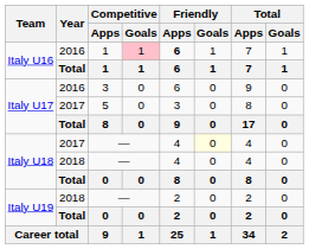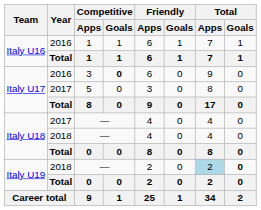 <table class="wikitable" style="text-align:center">
 <tr>
 <th rowspan=2>Team</th>
 <th rowspan=2>Year</th>
 <th colspan=2>Competitive</th>
 <th colspan=2>Friendly</th>
 <th colspan=2>Total</th>
 </tr>
 <tr>
 <th>Apps</th>
 <th>Goals</th>
 <th>Apps</th>
 <th>Goals</th>
 <th>Apps</th>
 <th>Goals</th>
 </tr>
 <tr>
 <td rowspan="2"><a href='#'>Italy U16</a></td>
 <td>2016</td>
 <td>1</td>
-<td style="background: pink;">1</td>
-<td><strong>6</strong></td>
+<td>1</td>
+<td>6</td>
 <td>1</td>
 <td>7</td>
 <td>1</td>
 </tr>
 <tr>
 <th>Total</th>
 <th>1</th>
 <th>1</th>
 <th>6</th>
 <th>1</th>
 <th>7</th>
 <th>1</th>
 </tr>
 <tr>
 <td rowspan="3"><a href='#'>Italy U17</a></td>
 <td>2016</td>
 <td>3</td>
-<td>0</td>
+<td><strong>0</strong></td>
 <td>6</td>
 <td>0</td>
 <td>9</td>
 <td>0</td>
 </tr>
 <tr>
 <td>2017</td>
 <td>5</td>
 <td>0</td>
 <td>3</td>
 <td>0</td>
 <td>8</td>
 <td>0</td>
 </tr>
 <tr>
 <th>Total</th>
 <th>8</th>
 <th>0</th>
 <th>9</th>
 <th>0</th>
 <th>17</th>
 <th>0</th>
 </tr>
 <tr>
 <td rowspan="3"><a href='#'>Italy U18</a></td>
 <td>2017</td>
 <td colspan="2">—</td>
 <td>4</td>
-<td style="background: lightyellow;">0</td>
+<td>0</td>
 <td>4</td>
 <td>0</td>
 </tr>
 <tr>
 <td>2018</td>
 <td colspan="2">—</td>
 <td>4</td>
 <td>0</td>
 <td>4</td>
 <td>0</td>
 </tr>
 <tr>
 <th>Total</th>
 <th>0</th>
 <th>0</th>
 <th>8</th>
 <th>0</th>
 <th>8</th>
 <th>0</th>
 </tr>
 <tr>
 <td rowspan="2"><a href='#'>Italy U19</a></td>
 <td>2018</td>
 <td colspan="2">—</td>
 <td>2</td>
 <td>0</td>
-<td>2</td>
-<td>0</td>
+<td style="background: lightblue;">2</td>
+<td><strong>0</strong></td>
 </tr>
 <tr>
 <th>Total</th>
 <th>0</th>
 <th>0</th>
 <th>2</th>
 <th>0</th>
 <th>2</th>
 <th>0</th>
 </tr>
 <tr>
 <th colspan="2">Career total</th>
 <th>9</th>
 <th>1</th>
 <th>25</th>
 <th>1</th>
 <th>34</th>
 <th>2</th>
 </tr>
 </table>
